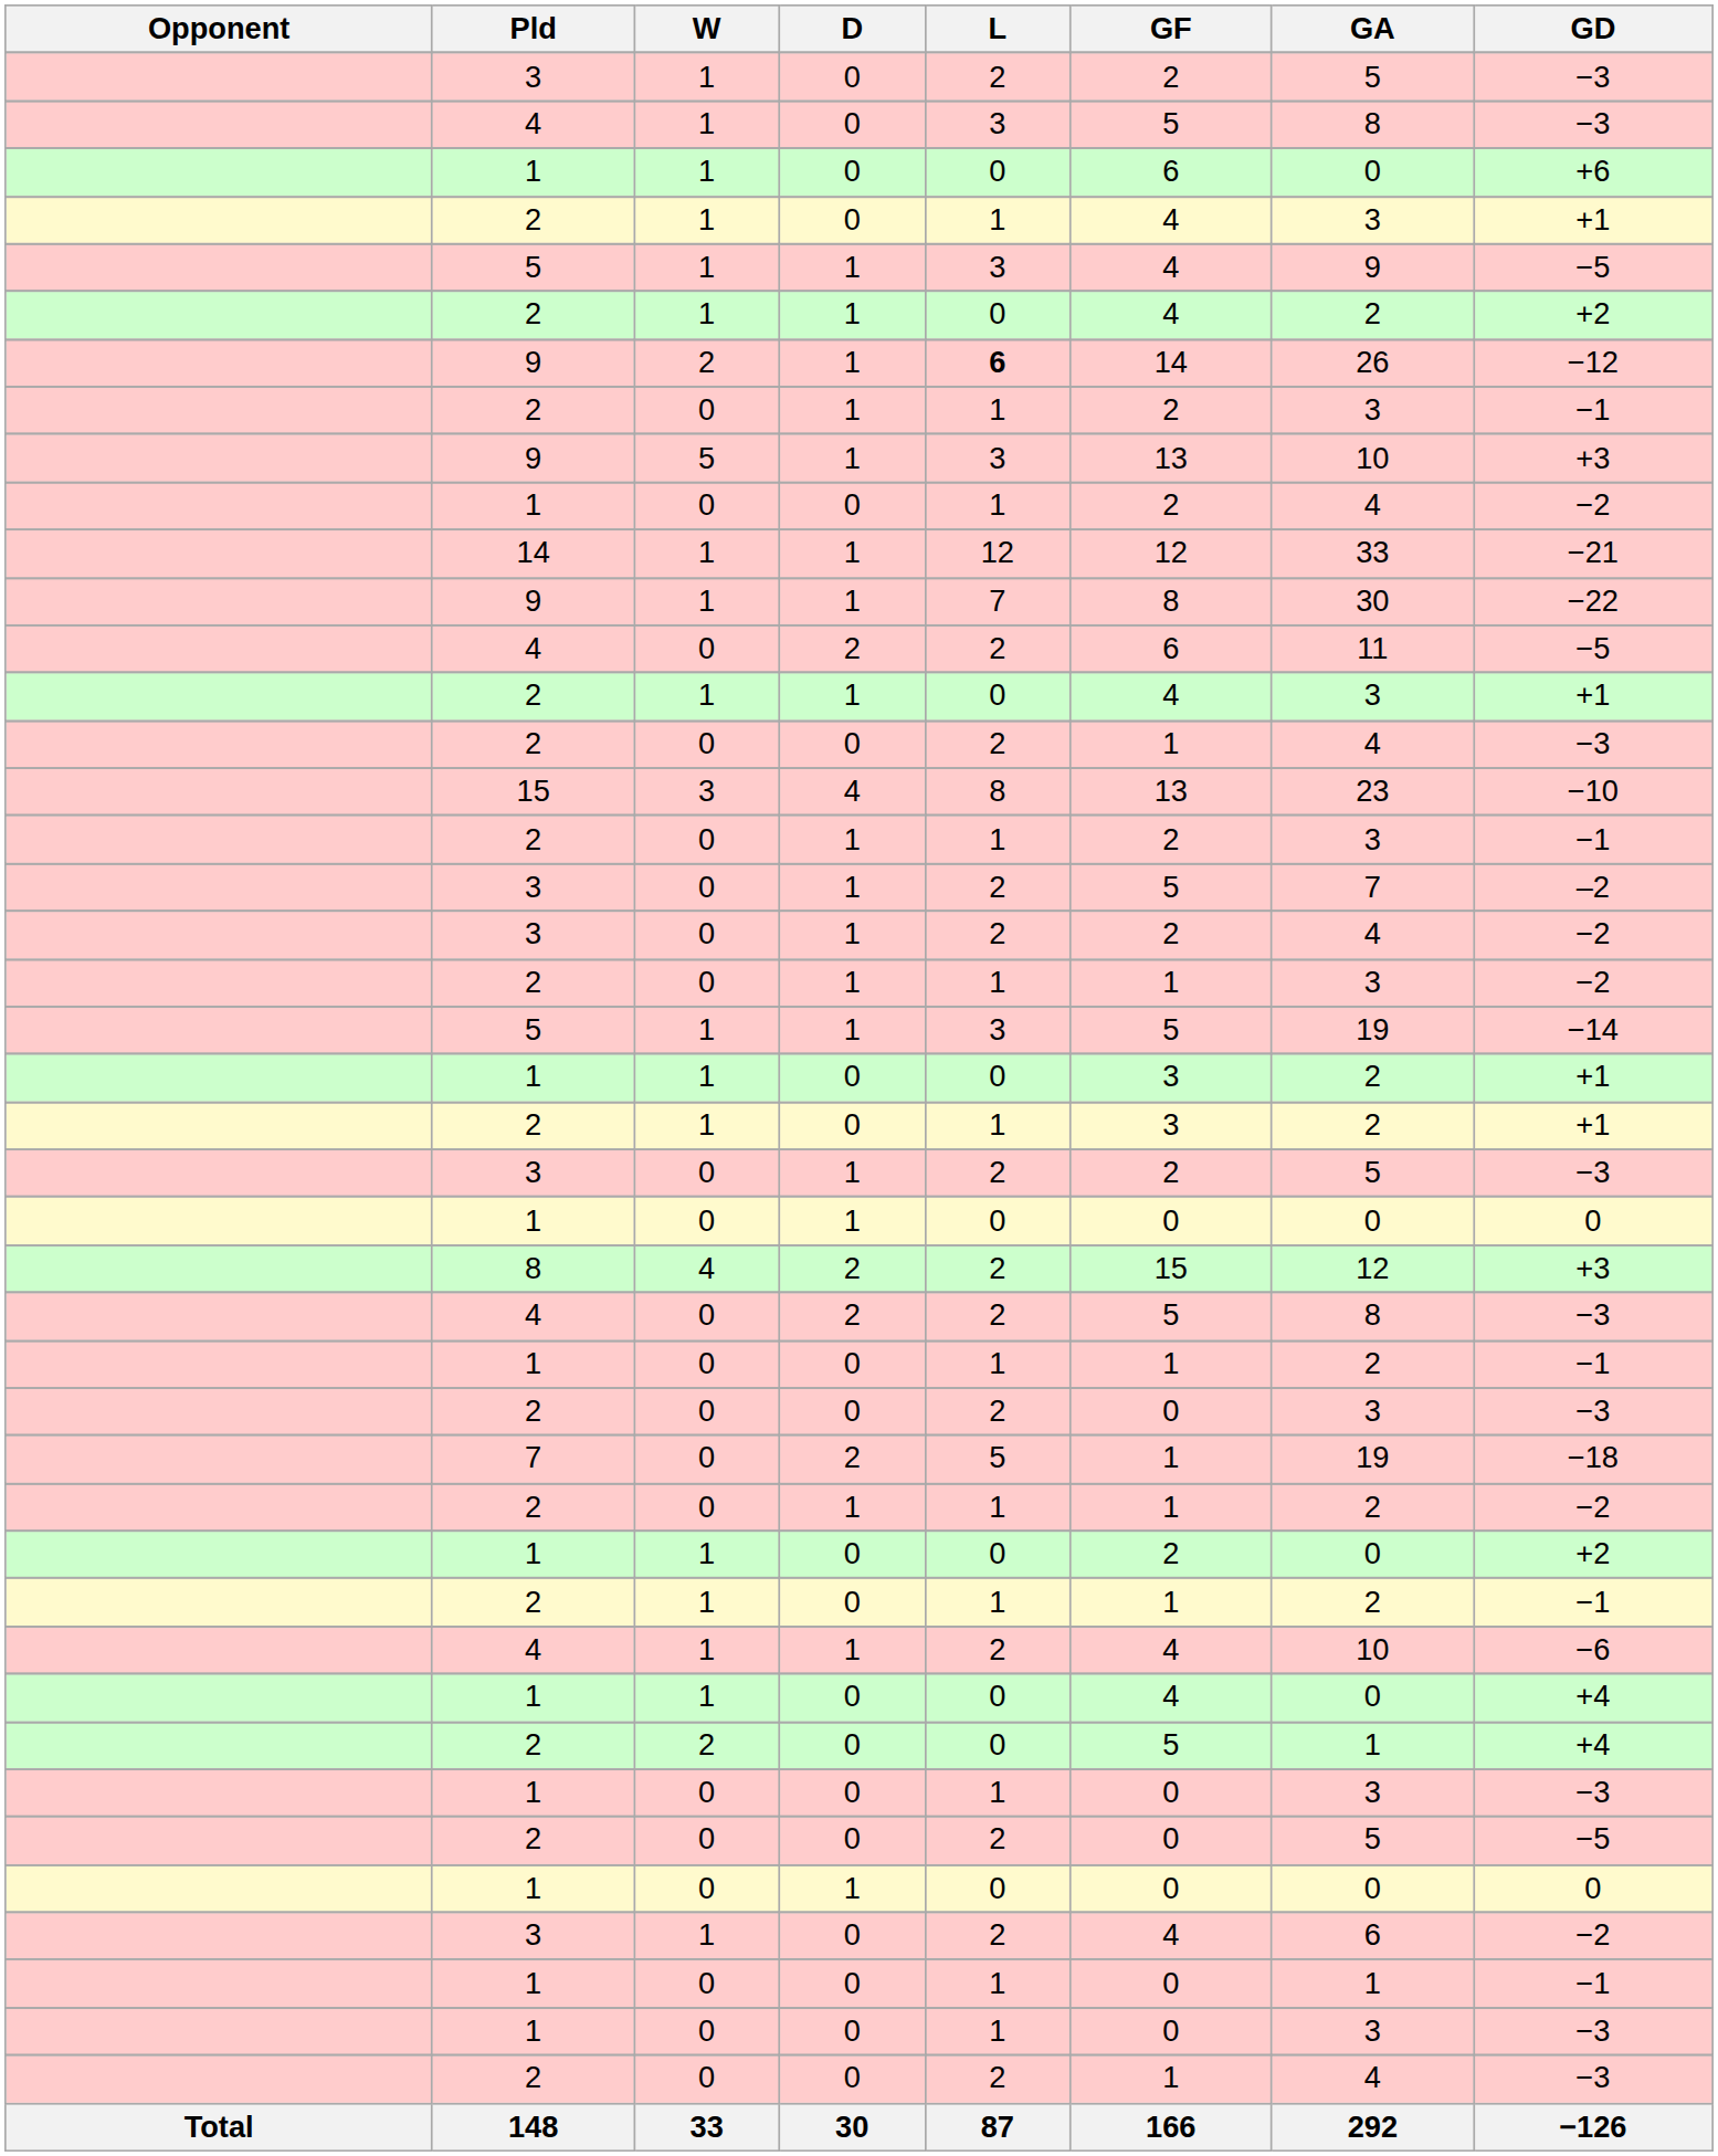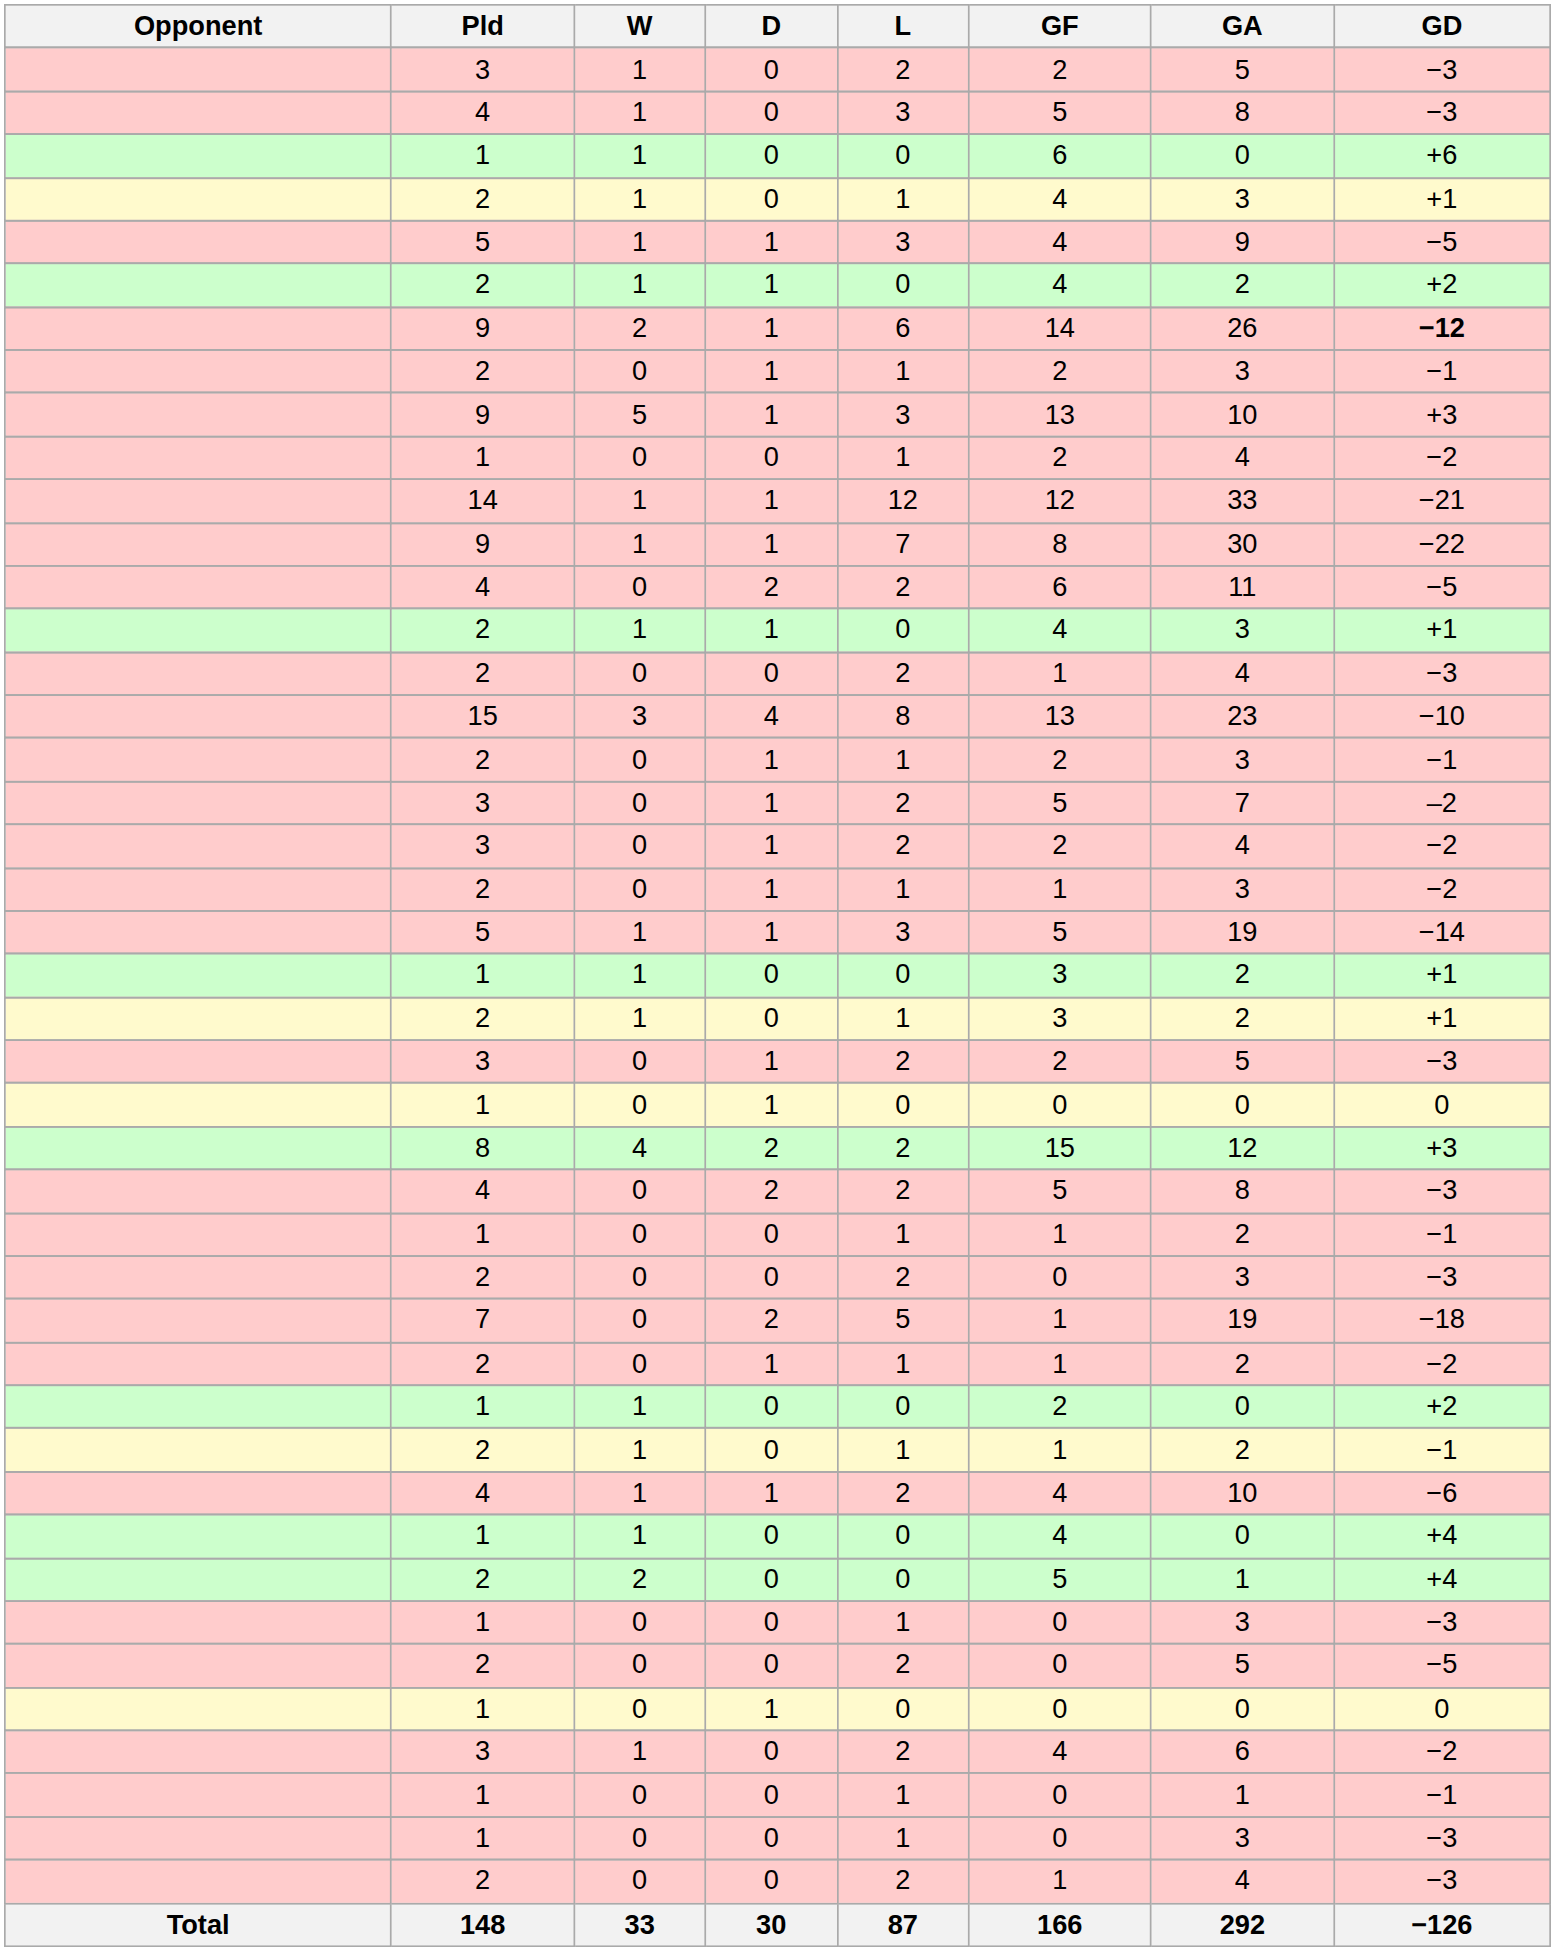 <table class="sortable wikitable" style="text-align: center">
 <tr>
 <th width=220>Opponent<br></th>
 <th width=100>Pld<br></th>
 <th width=70>W<br></th>
 <th width=70>D<br></th>
 <th width=70>L<br></th>
 <th width=100>GF<br></th>
 <th width=100>GA<br></th>
 <th width=120>GD<br></th>
 </tr>
 <tr>
 </tr>
 <tr bgcolor=FFCCCC>
 <td style="text-align:left;"></td>
 <td>3</td>
 <td>1</td>
 <td>0</td>
 <td>2</td>
 <td>2</td>
 <td>5</td>
 <td>−3</td>
 </tr>
 <tr>
 </tr>
 <tr bgcolor=FFCCCC>
 <td style="text-align:left;"></td>
 <td>4</td>
 <td>1</td>
 <td>0</td>
 <td>3</td>
 <td>5</td>
 <td>8</td>
 <td>−3</td>
 </tr>
 <tr>
 </tr>
 <tr bgcolor=CCFFCC>
 <td style="text-align:left;"></td>
 <td>1</td>
 <td>1</td>
 <td>0</td>
 <td>0</td>
 <td>6</td>
 <td>0</td>
 <td>+6</td>
 </tr>
 <tr>
 </tr>
 <tr bgcolor=FFFACD>
 <td style="text-align:left;"></td>
 <td>2</td>
 <td>1</td>
 <td>0</td>
 <td>1</td>
 <td>4</td>
 <td>3</td>
 <td>+1</td>
 </tr>
 <tr>
 </tr>
 <tr bgcolor=FFCCCC>
 <td style="text-align:left;"></td>
 <td>5</td>
 <td>1</td>
 <td>1</td>
 <td>3</td>
 <td>4</td>
 <td>9</td>
 <td>−5</td>
 </tr>
 <tr>
 </tr>
 <tr bgcolor=CCFFCC>
 <td style="text-align:left;"></td>
 <td>2</td>
 <td>1</td>
 <td>1</td>
 <td>0</td>
 <td>4</td>
 <td>2</td>
 <td>+2</td>
 </tr>
 <tr>
 </tr>
 <tr bgcolor=FFCCCC>
 <td style="text-align:left;"></td>
 <td>9</td>
 <td>2</td>
 <td>1</td>
-<td><strong>6</strong></td>
+<td>6</td>
 <td>14</td>
 <td>26</td>
-<td>−12</td>
+<td><strong>−12</strong></td>
 </tr>
 <tr>
 </tr>
 <tr bgcolor=FFCCCC>
 <td style="text-align:left;"></td>
 <td>2</td>
 <td>0</td>
 <td>1</td>
 <td>1</td>
 <td>2</td>
 <td>3</td>
 <td>−1</td>
 </tr>
 <tr>
 </tr>
 <tr bgcolor=FFCCCC>
 <td style="text-align:left;"></td>
 <td>9</td>
 <td>5</td>
 <td>1</td>
 <td>3</td>
 <td>13</td>
 <td>10</td>
 <td>+3</td>
 </tr>
 <tr>
 </tr>
 <tr bgcolor=FFCCCC>
 <td style="text-align:left;"></td>
 <td>1</td>
 <td>0</td>
 <td>0</td>
 <td>1</td>
 <td>2</td>
 <td>4</td>
 <td>−2</td>
 </tr>
 <tr>
 </tr>
 <tr bgcolor=FFCCCC>
 <td style="text-align:left;"></td>
 <td>14</td>
 <td>1</td>
 <td>1</td>
 <td>12</td>
 <td>12</td>
 <td>33</td>
 <td>−21</td>
 </tr>
 <tr>
 </tr>
 <tr bgcolor=FFCCCC>
 <td style="text-align:left;"></td>
 <td>9</td>
 <td>1</td>
 <td>1</td>
 <td>7</td>
 <td>8</td>
 <td>30</td>
 <td>−22</td>
 </tr>
 <tr>
 </tr>
 <tr bgcolor=FFCCCC>
 <td style="text-align:left;"></td>
 <td>4</td>
 <td>0</td>
 <td>2</td>
 <td>2</td>
 <td>6</td>
 <td>11</td>
 <td>−5</td>
 </tr>
 <tr>
 </tr>
 <tr bgcolor=CCFFCC>
 <td style="text-align:left;"></td>
 <td>2</td>
 <td>1</td>
 <td>1</td>
 <td>0</td>
 <td>4</td>
 <td>3</td>
 <td>+1</td>
 </tr>
 <tr>
 </tr>
 <tr bgcolor=FFCCCC>
 <td style="text-align:left;"></td>
 <td>2</td>
 <td>0</td>
 <td>0</td>
 <td>2</td>
 <td>1</td>
 <td>4</td>
 <td>−3</td>
 </tr>
 <tr>
 </tr>
 <tr bgcolor=FFCCCC>
 <td style="text-align:left;"></td>
 <td>15</td>
 <td>3</td>
 <td>4</td>
 <td>8</td>
 <td>13</td>
 <td>23</td>
 <td>−10</td>
 </tr>
 <tr>
 </tr>
 <tr bgcolor=FFCCCC>
 <td style="text-align:left;"></td>
 <td>2</td>
 <td>0</td>
 <td>1</td>
 <td>1</td>
 <td>2</td>
 <td>3</td>
 <td>−1</td>
 </tr>
 <tr>
 </tr>
 <tr bgcolor=FFCCCC>
 <td style="text-align:left;"></td>
 <td>3</td>
 <td>0</td>
 <td>1</td>
 <td>2</td>
 <td>5</td>
 <td>7</td>
 <td>–2</td>
 </tr>
 <tr>
 </tr>
 <tr bgcolor=FFCCCC>
 <td style="text-align:left;"></td>
 <td>3</td>
 <td>0</td>
 <td>1</td>
 <td>2</td>
 <td>2</td>
 <td>4</td>
 <td>−2</td>
 </tr>
 <tr>
 </tr>
 <tr bgcolor=FFCCCC>
 <td style="text-align:left;"></td>
 <td>2</td>
 <td>0</td>
 <td>1</td>
 <td>1</td>
 <td>1</td>
 <td>3</td>
 <td>−2</td>
 </tr>
 <tr>
 </tr>
 <tr bgcolor=FFCCCC>
 <td style="text-align:left;"></td>
 <td>5</td>
 <td>1</td>
 <td>1</td>
 <td>3</td>
 <td>5</td>
 <td>19</td>
 <td>−14</td>
 </tr>
 <tr>
 </tr>
 <tr bgcolor=CCFFCC>
 <td style="text-align:left;"></td>
 <td>1</td>
 <td>1</td>
 <td>0</td>
 <td>0</td>
 <td>3</td>
 <td>2</td>
 <td>+1</td>
 </tr>
 <tr>
 </tr>
 <tr bgcolor=FFFACD>
 <td style="text-align:left;"></td>
 <td>2</td>
 <td>1</td>
 <td>0</td>
 <td>1</td>
 <td>3</td>
 <td>2</td>
 <td>+1</td>
 </tr>
 <tr>
 </tr>
 <tr bgcolor=FFCCCC>
 <td style="text-align:left;"></td>
 <td>3</td>
 <td>0</td>
 <td>1</td>
 <td>2</td>
 <td>2</td>
 <td>5</td>
 <td>−3</td>
 </tr>
 <tr>
 </tr>
 <tr bgcolor=FFFACD>
 <td style="text-align:left;"></td>
 <td>1</td>
 <td>0</td>
 <td>1</td>
 <td>0</td>
 <td>0</td>
 <td>0</td>
 <td>0</td>
 </tr>
 <tr>
 </tr>
 <tr bgcolor=CCFFCC>
 <td style="text-align:left;"></td>
 <td>8</td>
 <td>4</td>
 <td>2</td>
 <td>2</td>
 <td>15</td>
 <td>12</td>
 <td>+3</td>
 </tr>
 <tr>
 </tr>
 <tr bgcolor=FFCCCC>
 <td style="text-align:left;"></td>
 <td>4</td>
 <td>0</td>
 <td>2</td>
 <td>2</td>
 <td>5</td>
 <td>8</td>
 <td>−3</td>
 </tr>
 <tr>
 </tr>
 <tr bgcolor=FFCCCC>
 <td style="text-align:left;"></td>
 <td>1</td>
 <td>0</td>
 <td>0</td>
 <td>1</td>
 <td>1</td>
 <td>2</td>
 <td>−1</td>
 </tr>
 <tr>
 </tr>
 <tr bgcolor=FFCCCC>
 <td style="text-align:left;"></td>
 <td>2</td>
 <td>0</td>
 <td>0</td>
 <td>2</td>
 <td>0</td>
 <td>3</td>
 <td>−3</td>
 </tr>
 <tr>
 </tr>
 <tr bgcolor=FFCCCC>
 <td style="text-align:left;"></td>
 <td>7</td>
 <td>0</td>
 <td>2</td>
 <td>5</td>
 <td>1</td>
 <td>19</td>
 <td>−18</td>
 </tr>
 <tr>
 </tr>
 <tr bgcolor=FFCCCC>
 <td style="text-align:left;"></td>
 <td>2</td>
 <td>0</td>
 <td>1</td>
 <td>1</td>
 <td>1</td>
 <td>2</td>
 <td>−2</td>
 </tr>
 <tr>
 </tr>
 <tr bgcolor=CCFFCC>
 <td style="text-align:left;"></td>
 <td>1</td>
 <td>1</td>
 <td>0</td>
 <td>0</td>
 <td>2</td>
 <td>0</td>
 <td>+2</td>
 </tr>
 <tr>
 </tr>
 <tr bgcolor=FFFACD>
 <td style="text-align:left;"></td>
 <td>2</td>
 <td>1</td>
 <td>0</td>
 <td>1</td>
 <td>1</td>
 <td>2</td>
 <td>−1</td>
 </tr>
 <tr>
 </tr>
 <tr bgcolor=FFCCCC>
 <td style="text-align:left;"></td>
 <td>4</td>
 <td>1</td>
 <td>1</td>
 <td>2</td>
 <td>4</td>
 <td>10</td>
 <td>−6</td>
 </tr>
 <tr>
 </tr>
 <tr bgcolor=CCFFCC>
 <td style="text-align:left;"></td>
 <td>1</td>
 <td>1</td>
 <td>0</td>
 <td>0</td>
 <td>4</td>
 <td>0</td>
 <td>+4</td>
 </tr>
 <tr>
 </tr>
 <tr bgcolor=CCFFCC>
 <td style="text-align:left;"></td>
 <td>2</td>
 <td>2</td>
 <td>0</td>
 <td>0</td>
 <td>5</td>
 <td>1</td>
 <td>+4</td>
 </tr>
 <tr>
 </tr>
 <tr bgcolor=FFCCCC>
 <td style="text-align:left;"></td>
 <td>1</td>
 <td>0</td>
 <td>0</td>
 <td>1</td>
 <td>0</td>
 <td>3</td>
 <td>−3</td>
 </tr>
 <tr>
 </tr>
 <tr bgcolor=FFCCCC>
 <td style="text-align:left;"></td>
 <td>2</td>
 <td>0</td>
 <td>0</td>
 <td>2</td>
 <td>0</td>
 <td>5</td>
 <td>−5</td>
 </tr>
 <tr>
 </tr>
 <tr bgcolor=FFFACD>
 <td style="text-align:left;"></td>
 <td>1</td>
 <td>0</td>
 <td>1</td>
 <td>0</td>
 <td>0</td>
 <td>0</td>
 <td>0</td>
 </tr>
 <tr>
 </tr>
 <tr bgcolor=FFCCCC>
 <td style="text-align:left;"></td>
 <td>3</td>
 <td>1</td>
 <td>0</td>
 <td>2</td>
 <td>4</td>
 <td>6</td>
 <td>−2</td>
 </tr>
 <tr>
 </tr>
 <tr bgcolor=FFCCCC>
 <td style="text-align:left;"></td>
 <td>1</td>
 <td>0</td>
 <td>0</td>
 <td>1</td>
 <td>0</td>
 <td>1</td>
 <td>−1</td>
 </tr>
 <tr>
 </tr>
 <tr bgcolor=FFCCCC>
 <td style="text-align:left;"></td>
 <td>1</td>
 <td>0</td>
 <td>0</td>
 <td>1</td>
 <td>0</td>
 <td>3</td>
 <td>−3</td>
 </tr>
 <tr>
 </tr>
 <tr bgcolor=FFCCCC>
 <td style="text-align:left;"></td>
 <td>2</td>
 <td>0</td>
 <td>0</td>
 <td>2</td>
 <td>1</td>
 <td>4</td>
 <td>−3</td>
 </tr>
 <tr class="sortbottom">
 <th>Total</th>
 <th>148</th>
 <th>33</th>
 <th>30</th>
 <th>87</th>
 <th>166</th>
 <th>292</th>
 <th>−126</th>
 </tr>
 </table>
